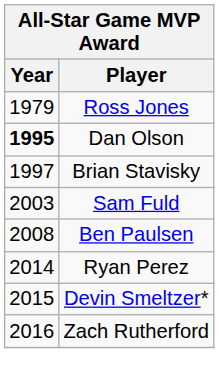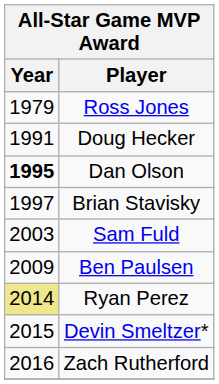 <table class="wikitable" style="display: inline-table; margin-right: 20px; text-align:center">
 <tr>
 <th scope="col" colspan="2" style="width: 145px;">All-Star Game MVP Award</th>
 </tr>
 <tr>
 <th scope="col">Year</th>
 <th scope="col">Player</th>
 </tr>
 <tr>
 <td>1979</td>
 <td><a href='#'>Ross Jones</a></td>
+</tr>
+<tr>
+<td>1991</td>
+<td>Doug Hecker</td>
 </tr>
 <tr>
 <td><strong>1995</strong></td>
 <td>Dan Olson</td>
 </tr>
 <tr>
 <td>1997</td>
 <td>Brian Stavisky</td>
 </tr>
 <tr>
 <td>2003</td>
 <td><a href='#'>Sam Fuld</a></td>
 </tr>
 <tr>
-<td>2008</td>
+<td>2009</td>
 <td><a href='#'>Ben Paulsen</a></td>
 </tr>
 <tr>
-<td>2014</td>
+<td style="background: khaki;">2014</td>
 <td>Ryan Perez</td>
 </tr>
 <tr>
 <td>2015</td>
 <td><a href='#'>Devin Smeltzer</a>*</td>
 </tr>
 <tr>
 <td>2016</td>
 <td>Zach Rutherford</td>
 </tr>
 <tr>
 </tr>
 </table>
